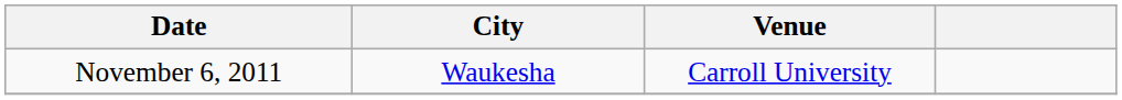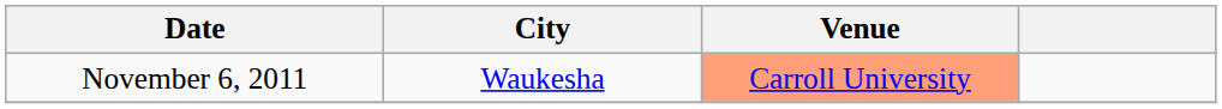 <table class="wikitable" style="text-align:center;">
 <tr>
 <th scope="col" style="width:12em;">Date</th>
 <th scope="col" style="width:10em;">City</th>
 <th scope="col" style="width:10em;">Venue</th>
 <th scope="col" style="width:6em;"></th>
 </tr>
 <tr>
 <td>November 6, 2011</td>
 <td><a href='#'>Waukesha</a></td>
-<td><a href='#'>Carroll University</a></td>
+<td style="background: lightsalmon;"><a href='#'>Carroll University</a></td>
 <td></td>
 </tr>
 <tr>
 </tr>
 </table>
